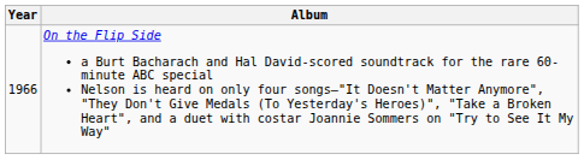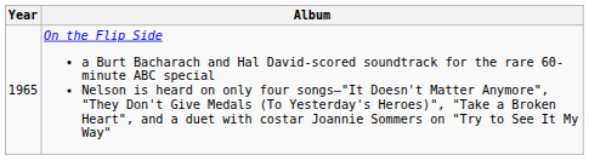 <table class="wikitable">
 <tr>
 <th>Year</th>
 <th>Album</th>
 </tr>
 <tr>
-<td>1966</td>
+<td>1965</td>
 <td><em><a href='#'>On the Flip Side</a></em><br><ul><li>a Burt Bacharach and Hal David-scored soundtrack for the rare 60-minute ABC special</li><li>Nelson is heard on only four songs—"It Doesn't Matter Anymore", "They Don't Give Medals (To Yesterday's Heroes)", "Take a Broken Heart", and a duet with costar Joannie Sommers on "Try to See It My Way"</li></ul></td>
 </tr>
 </table>
